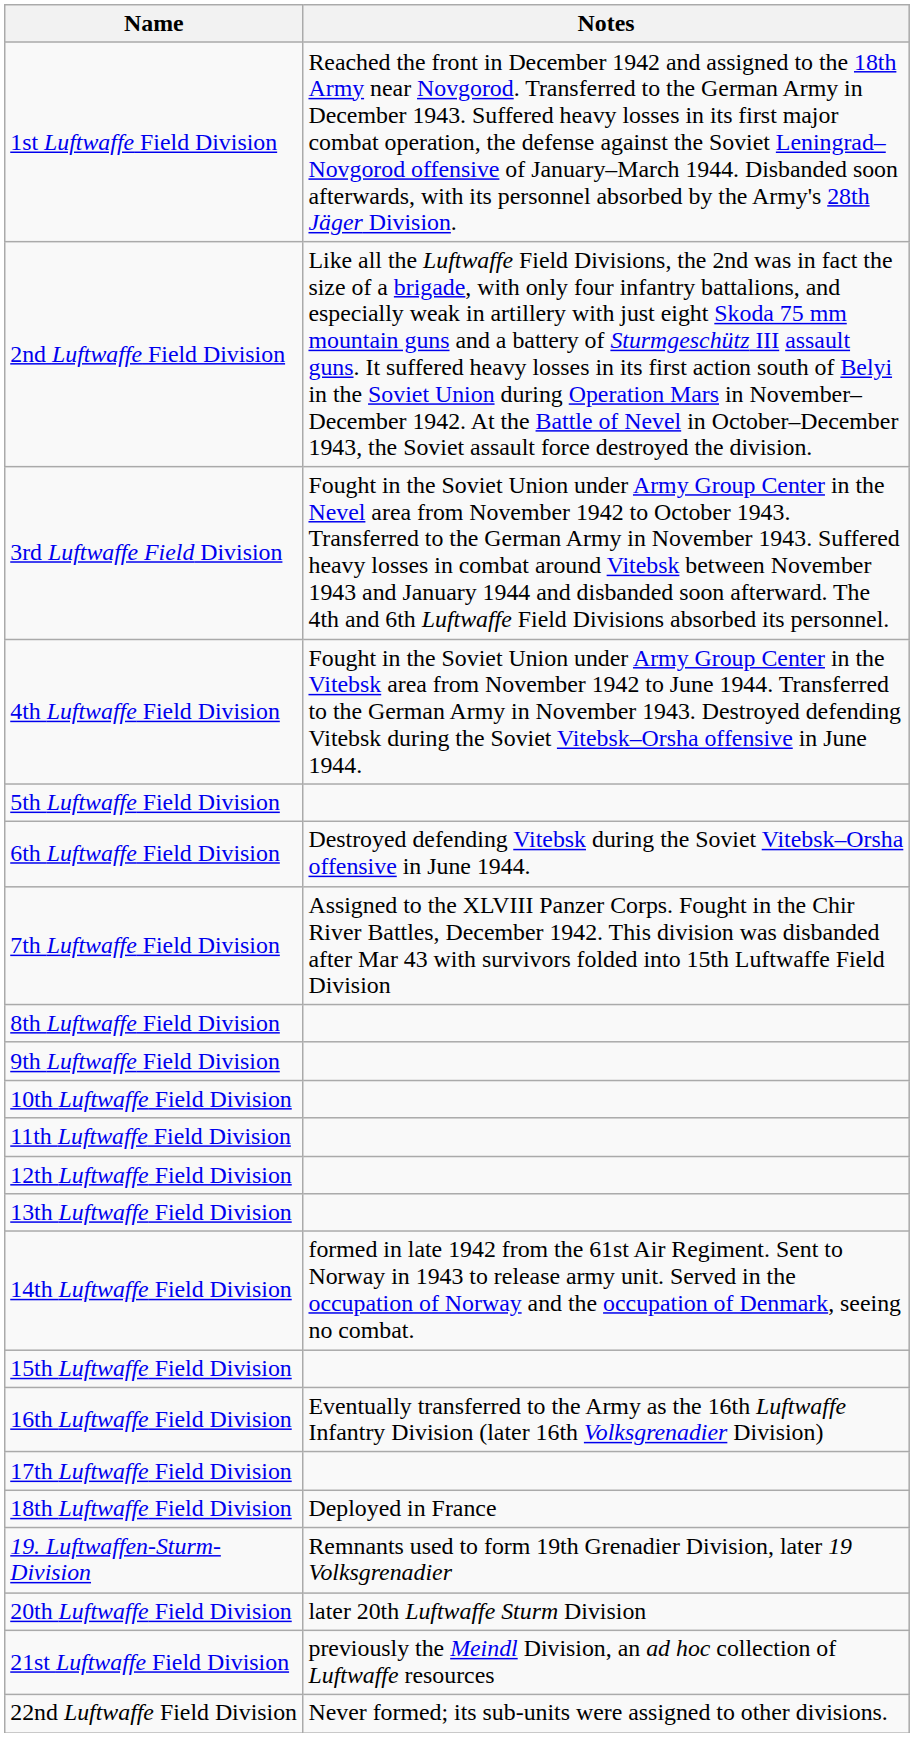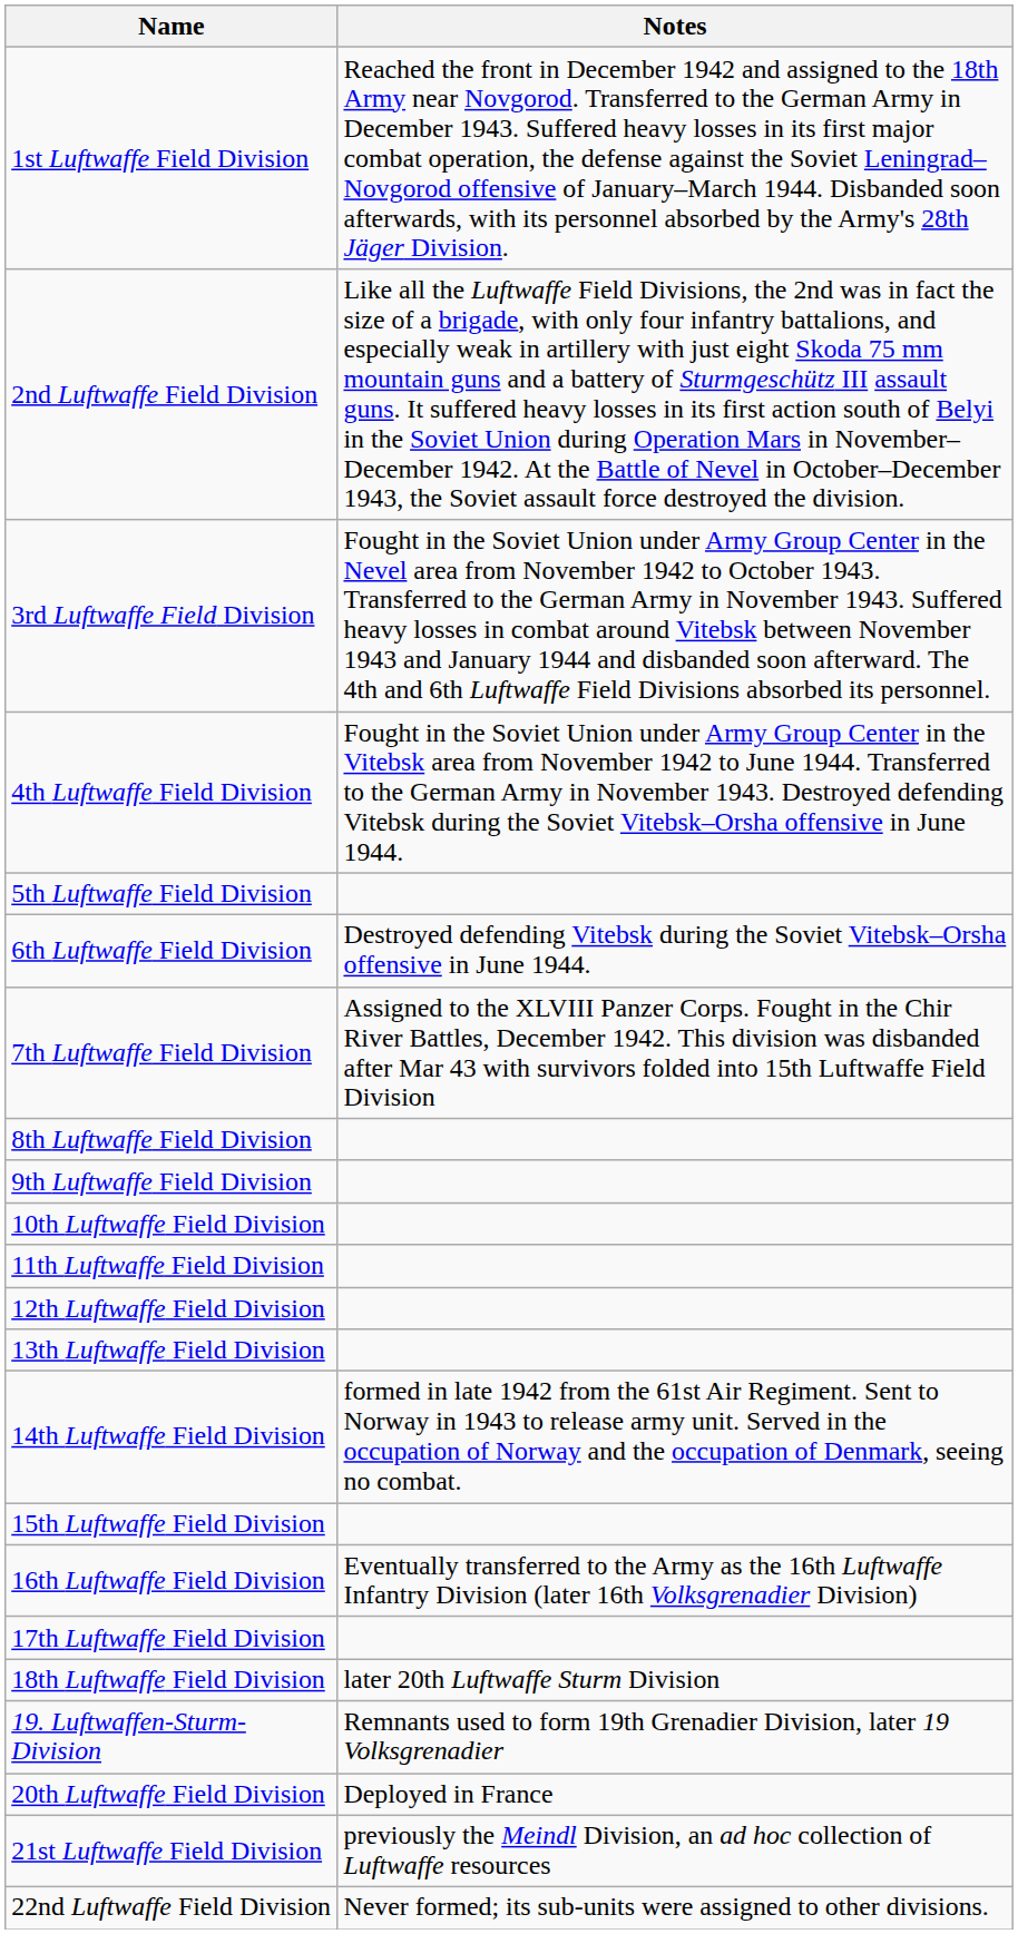 <table class="wikitable">
 <tr>
 <th>Name</th>
 <th>Notes</th>
 </tr>
 <tr>
 <td><a href='#'>1st <em>Luftwaffe</em> Field Division</a></td>
 <td>Reached the front in December 1942 and assigned to the <a href='#'>18th Army</a> near <a href='#'>Novgorod</a>. Transferred to the German Army in December 1943. Suffered heavy losses in its first major combat operation, the defense against the Soviet <a href='#'>Leningrad–Novgorod offensive</a> of January–March 1944. Disbanded soon afterwards, with its personnel absorbed by the Army's <a href='#'>28th <em>Jäger</em> Division</a>.</td>
 </tr>
 <tr>
 <td><a href='#'>2nd <em>Luftwaffe</em> Field Division</a></td>
 <td>Like all the <em>Luftwaffe</em> Field Divisions, the 2nd was in fact the size of a <a href='#'>brigade</a>, with only four infantry battalions, and especially weak in artillery with just eight <a href='#'>Skoda 75 mm mountain guns</a> and a battery of <a href='#'><em>Sturmgeschütz</em> III</a> <a href='#'>assault guns</a>. It suffered heavy losses in its first action south of <a href='#'>Belyi</a> in the <a href='#'>Soviet Union</a> during <a href='#'>Operation Mars</a> in November–December 1942. At the <a href='#'>Battle of Nevel</a> in October–December 1943, the Soviet assault force destroyed the division.</td>
 </tr>
 <tr>
 <td><a href='#'>3rd <em>Luftwaffe Field</em> Division</a></td>
 <td>Fought in the Soviet Union under <a href='#'>Army Group Center</a> in the <a href='#'>Nevel</a> area from November 1942 to October 1943. Transferred to the German Army in November 1943. Suffered heavy losses in combat around <a href='#'>Vitebsk</a> between November 1943 and January 1944 and disbanded soon afterward. The 4th and 6th <em>Luftwaffe</em> Field Divisions absorbed its personnel.</td>
 </tr>
 <tr>
 <td><a href='#'>4th <em>Luftwaffe</em> Field Division</a></td>
 <td>Fought in the Soviet Union under <a href='#'>Army Group Center</a> in the <a href='#'>Vitebsk</a> area from November 1942 to June 1944. Transferred to the German Army in November 1943. Destroyed defending Vitebsk during the Soviet <a href='#'>Vitebsk–Orsha offensive</a> in June 1944.</td>
 </tr>
 <tr>
 <td><a href='#'>5th <em>Luftwaffe</em> Field Division</a></td>
 <td></td>
 </tr>
 <tr>
 <td><a href='#'>6th <em>Luftwaffe</em> Field Division</a></td>
 <td>Destroyed defending <a href='#'>Vitebsk</a> during the Soviet <a href='#'>Vitebsk–Orsha offensive</a> in June 1944.</td>
 </tr>
 <tr>
 <td><a href='#'>7th <em>Luftwaffe</em> Field Division</a></td>
 <td>Assigned to the XLVIII Panzer Corps. Fought in the Chir River Battles, December 1942. This division was disbanded after Mar 43 with survivors folded into 15th Luftwaffe Field Division</td>
 </tr>
 <tr>
 <td><a href='#'>8th <em>Luftwaffe</em> Field Division</a></td>
 <td></td>
 </tr>
 <tr>
 <td><a href='#'>9th <em>Luftwaffe</em> Field Division</a></td>
 <td></td>
 </tr>
 <tr>
 <td><a href='#'>10th <em>Luftwaffe</em> Field Division</a></td>
 <td></td>
 </tr>
 <tr>
 <td><a href='#'>11th <em>Luftwaffe</em> Field Division</a></td>
 <td></td>
 </tr>
 <tr>
 <td><a href='#'>12th <em>Luftwaffe</em> Field Division</a></td>
 <td></td>
 </tr>
 <tr>
 <td><a href='#'>13th <em>Luftwaffe</em> Field Division</a></td>
 <td></td>
 </tr>
 <tr>
 <td><a href='#'>14th <em>Luftwaffe</em> Field Division</a></td>
 <td>formed in late 1942 from the 61st Air Regiment. Sent to Norway in 1943 to release army unit. Served in the <a href='#'>occupation of Norway</a> and the <a href='#'>occupation of Denmark</a>, seeing no combat.</td>
 </tr>
 <tr>
 <td><a href='#'>15th <em>Luftwaffe</em> Field Division</a></td>
 <td></td>
 </tr>
 <tr>
 <td><a href='#'>16th <em>Luftwaffe</em> Field Division</a></td>
 <td>Eventually transferred to the Army as the 16th <em>Luftwaffe</em> Infantry Division (later 16th <em><a href='#'>Volksgrenadier</a></em> Division)</td>
 </tr>
 <tr>
 <td><a href='#'>17th <em>Luftwaffe</em> Field Division</a></td>
 <td></td>
 </tr>
 <tr>
 <td><a href='#'>18th <em>Luftwaffe</em> Field Division</a></td>
-<td>Deployed in France</td>
+<td>later 20th <em>Luftwaffe Sturm</em> Division</td>
 </tr>
 <tr>
 <td><a href='#'><em>19. Luftwaffen-Sturm-Division</em></a></td>
 <td>Remnants used to form  19th Grenadier Division, later <em>19 Volksgrenadier</em></td>
 </tr>
 <tr>
 <td><a href='#'>20th <em>Luftwaffe</em> Field Division</a></td>
-<td>later 20th <em>Luftwaffe Sturm</em> Division</td>
+<td>Deployed in France</td>
 </tr>
 <tr>
 <td><a href='#'>21st <em>Luftwaffe</em> Field Division</a></td>
 <td>previously the <em><a href='#'>Meindl</a></em> Division, an <em>ad hoc</em> collection of <em>Luftwaffe</em> resources</td>
 </tr>
 <tr>
 <td style="white-space: nowrap;">22nd <em>Luftwaffe</em> Field Division</td>
 <td>Never formed; its sub-units were assigned to other divisions.</td>
 </tr>
 </table>
